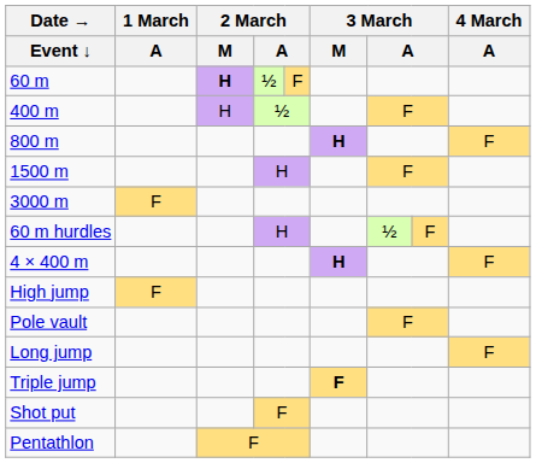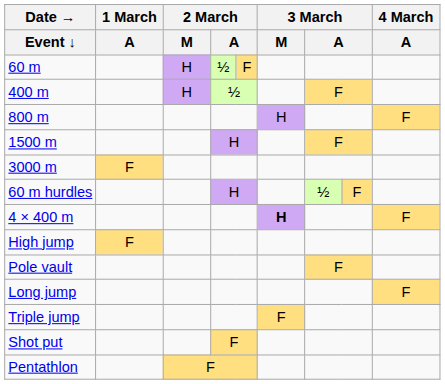 <table class="wikitable" style="margin:0.5em auto; font-size:90%; line-height:1.25em;">
 <tr align="center">
 <th>Date →</th>
 <th width="60px">1 March</th>
 <th width="40px" colspan=3>2 March</th>
 <th width="60px" colspan=3>3 March</th>
 <th width="60px">4 March</th>
 </tr>
 <tr>
 <th>Event ↓</th>
 <th width="60px">A</th>
 <th width="40px">M</th>
 <th width="40px" colspan=2>A</th>
 <th width="40px">M</th>
 <th width="60px" colspan=2>A</th>
 <th width="60px">A</th>
 </tr>
 <tr align="center">
 <td align="left"><a href='#'>60 m</a></td>
 <td></td>
-<td colspan=1 bgcolor="#D0A9F5"><strong>H</strong></td>
+<td colspan=1 bgcolor="#D0A9F5">H</td>
 <td bgcolor="#D9FFB2" colspan=1>½</td>
 <td bgcolor="#FFDF80" colspan=1>F</td>
 <td></td>
 <td colspan=2></td>
 <td></td>
 </tr>
 <tr align="center">
 <td align="left"><a href='#'>400 m</a></td>
 <td></td>
 <td bgcolor="#D0A9F5">H</td>
 <td colspan=2 bgcolor="#D9FFB2">½</td>
 <td></td>
 <td bgcolor="#FFDF80" colspan=2>F</td>
 <td colspan=2></td>
 </tr>
 <tr align="center">
 <td align="left"><a href='#'>800 m</a></td>
 <td></td>
 <td></td>
 <td colspan=2></td>
-<td bgcolor="#D0A9F5"><strong>H</strong></td>
+<td bgcolor="#D0A9F5">H</td>
 <td colspan=2></td>
 <td bgcolor="#FFDF80">F</td>
 </tr>
 <tr align="center">
 <td align="left"><a href='#'>1500 m</a></td>
 <td></td>
 <td></td>
 <td bgcolor="#D0A9F5" colspan=2>H</td>
 <td></td>
 <td bgcolor="#FFDF80" colspan=2>F</td>
 <td></td>
 </tr>
 <tr align="center">
 <td align="left"><a href='#'>3000 m</a></td>
 <td bgcolor="#FFDF80">F</td>
 <td></td>
 <td colspan=2></td>
 <td></td>
 <td colspan=2></td>
 <td></td>
 </tr>
 <tr align="center">
 <td align="left"><a href='#'>60 m hurdles</a></td>
 <td></td>
 <td></td>
 <td bgcolor="#D0A9F5" colspan=2>H</td>
 <td></td>
 <td bgcolor="#D9FFB2">½</td>
 <td colspan=1 bgcolor="#FFDF80">F</td>
 <td></td>
 </tr>
 <tr align="center">
 <td align="left"><a href='#'>4 × 400 m</a></td>
 <td></td>
 <td></td>
 <td colspan=2></td>
 <td bgcolor="#D0A9F5"><strong>H</strong></td>
 <td colspan=2></td>
 <td bgcolor="#FFDF80">F</td>
 </tr>
 <tr align="center">
 <td align="left"><a href='#'>High jump</a></td>
 <td bgcolor="#FFDF80">F</td>
 <td></td>
 <td colspan=2></td>
 <td></td>
 <td colspan=2></td>
 <td></td>
 </tr>
 <tr align="center">
 <td align="left"><a href='#'>Pole vault</a></td>
 <td></td>
 <td></td>
 <td colspan=2></td>
 <td></td>
 <td colspan=2 bgcolor="#FFDF80">F</td>
 <td></td>
 </tr>
 <tr align="center">
 <td align="left"><a href='#'>Long jump</a></td>
 <td></td>
 <td></td>
 <td colspan=2></td>
 <td></td>
 <td colspan=2></td>
 <td colspan=2 bgcolor="#FFDF80">F</td>
 </tr>
 <tr align="center">
 <td align="left"><a href='#'>Triple jump</a></td>
 <td></td>
 <td></td>
 <td colspan=2></td>
-<td bgcolor="#FFDF80"><strong>F</strong></td>
+<td bgcolor="#FFDF80">F</td>
 <td colspan=2></td>
 <td></td>
 </tr>
 <tr align="center">
 <td align="left"><a href='#'>Shot put</a></td>
 <td></td>
 <td></td>
 <td bgcolor="#FFDF80" colspan=2>F</td>
 <td></td>
 <td colspan=2></td>
 <td></td>
 </tr>
 <tr align="center">
 <td align="left"><a href='#'>Pentathlon</a></td>
 <td></td>
 <td bgcolor="#FFDF80" colspan=3>F</td>
 <td></td>
 <td colspan=2></td>
 <td></td>
 </tr>
 </table>
